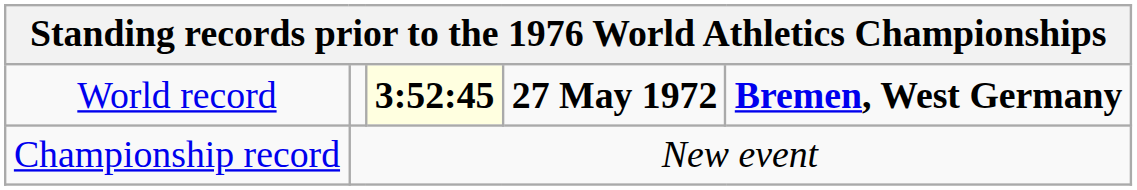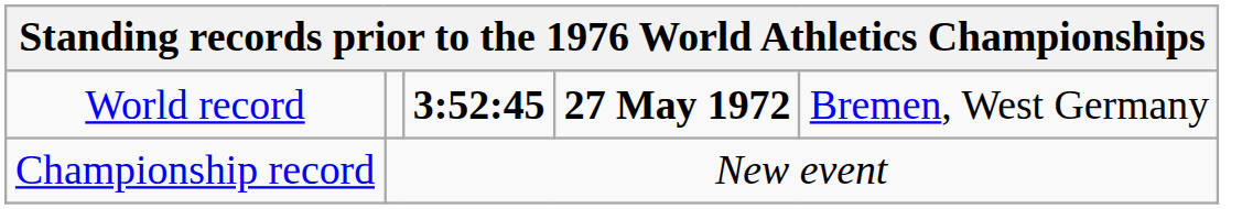 <table class="wikitable" style=" text-align:center;">
 <tr>
 <th colspan="5">Standing records prior to the 1976 World Athletics Championships</th>
 </tr>
 <tr>
 <td><a href='#'>World record</a></td>
 <td></td>
-<td style="background: lightyellow;"><strong>3:52:45</strong></td>
+<td><strong>3:52:45</strong></td>
 <td><strong>27 May 1972</strong></td>
-<td><strong><a href='#'>Bremen</a>, West Germany</strong></td>
+<td><a href='#'>Bremen</a>, West Germany</td>
 </tr>
 <tr>
 <td><a href='#'>Championship record</a></td>
 <td colspan="4"><em>New event</em></td>
 </tr>
 </table>
